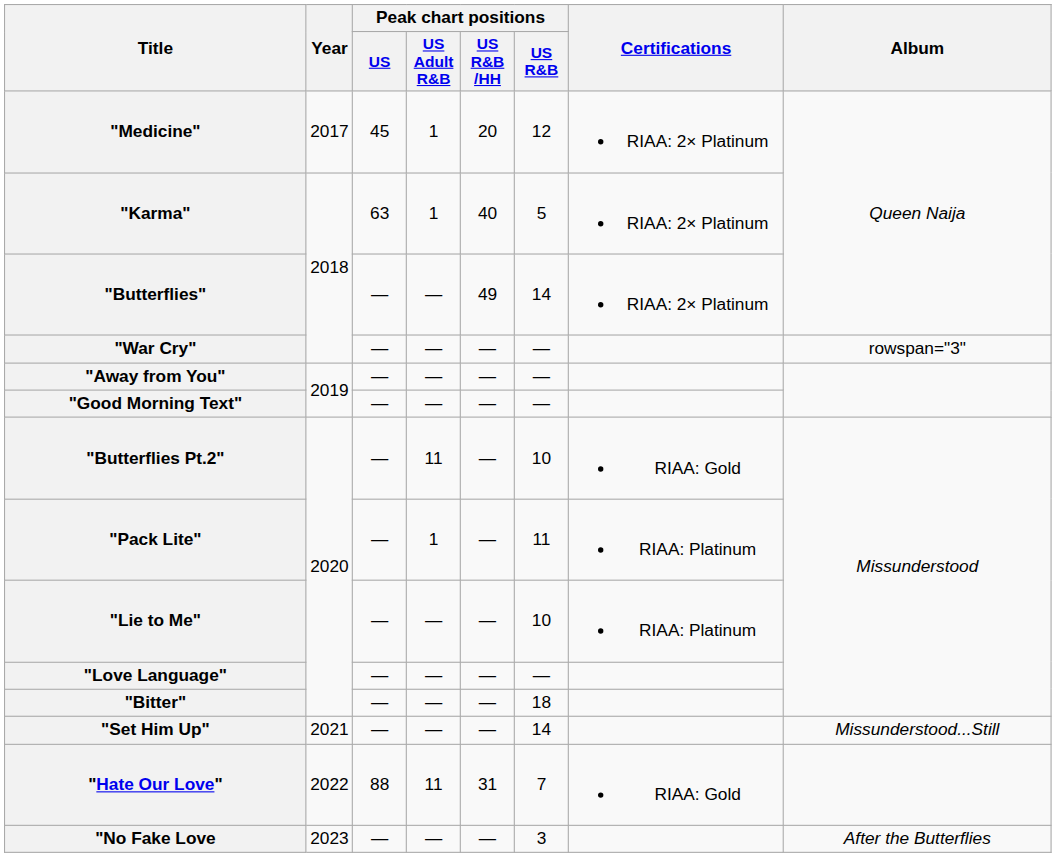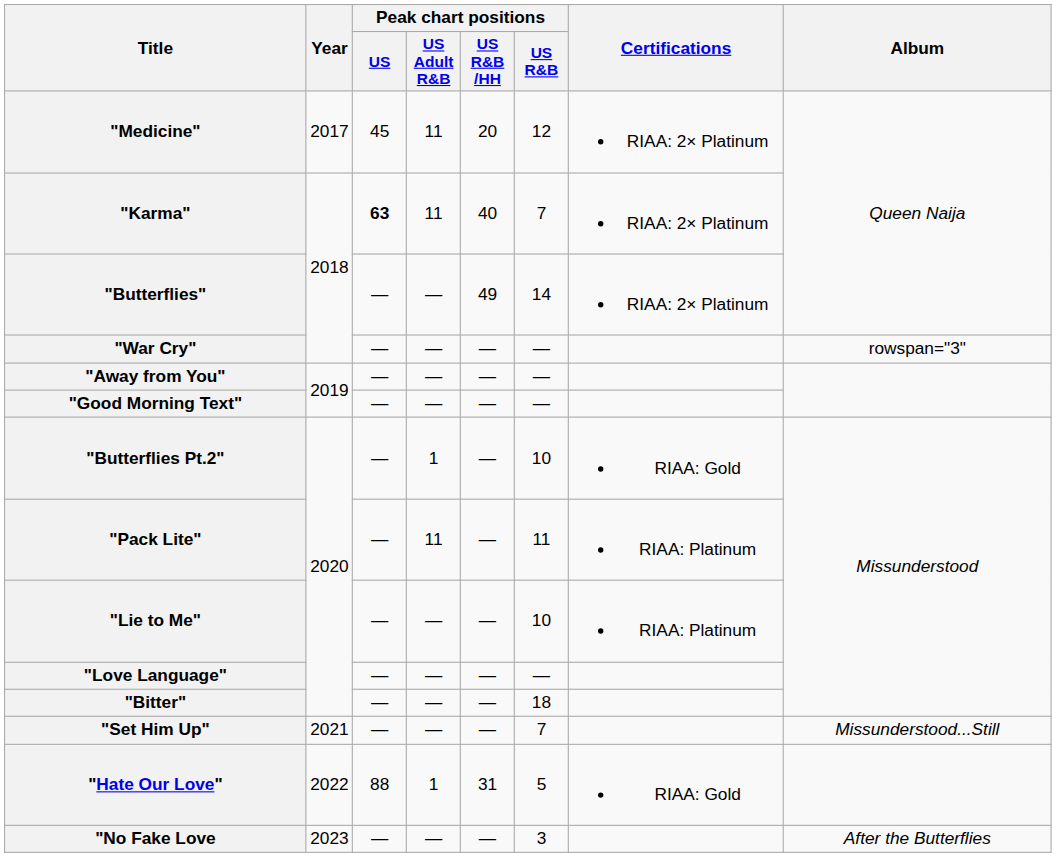 <table class="wikitable plainrowheaders" style="text-align:center;">
 <tr>
 <th scope="col" rowspan="2" style="width:17em;">Title</th>
 <th scope="col" rowspan="2" style="width:1em;">Year</th>
 <th scope="col" colspan="4">Peak chart positions</th>
 <th scope="col" rowspan="2" style="width:12em;"><a href='#'>Certifications</a></th>
 <th scope="col" rowspan="2" style="width:15em;">Album</th>
 </tr>
 <tr>
 <th scope="col" style="width:3em;font-size:90%;"><a href='#'>US</a><br></th>
 <th scope="col" style="width:3em;font-size:90%;"><a href='#'>US<br>Adult<br>R&B</a></th>
 <th scope="col" style="width:3em;font-size:90%;"><a href='#'>US<br>R&B<br> /HH</a><br></th>
 <th scope="col" style="width:3em;font-size:90%;"><a href='#'>US R&B</a></th>
 </tr>
 <tr>
 <th scope="row">"Medicine"</th>
 <td>2017</td>
 <td>45</td>
-<td>1</td>
+<td>11</td>
 <td>20</td>
 <td>12</td>
 <td><br><ul><li>RIAA: 2× Platinum</li></ul></td>
 <td rowspan="3"><em>Queen Naija</em></td>
 </tr>
 <tr>
 <th scope="row">"Karma"</th>
 <td rowspan="3">2018</td>
-<td>63</td>
-<td>1</td>
+<td><strong>63</strong></td>
+<td>11</td>
 <td>40</td>
-<td>5</td>
+<td>7</td>
 <td><br><ul><li>RIAA: 2× Platinum</li></ul></td>
 </tr>
 <tr>
 <th scope="row">"Butterflies"</th>
 <td>—</td>
 <td>—</td>
 <td>49</td>
 <td>14</td>
 <td><br><ul><li>RIAA: 2× Platinum</li></ul></td>
 </tr>
 <tr>
 <th scope="row">"War Cry"</th>
 <td>—</td>
 <td>—</td>
 <td>—</td>
 <td>—</td>
 <td></td>
 <td>rowspan="3" </td>
 </tr>
 <tr>
 <th scope="row">"Away from You"</th>
 <td rowspan="2">2019</td>
 <td>—</td>
 <td>—</td>
 <td>—</td>
 <td>—</td>
 <td></td>
 </tr>
 <tr>
 <th scope="row">"Good Morning Text"</th>
 <td>—</td>
 <td>—</td>
 <td>—</td>
 <td>—</td>
 <td></td>
 </tr>
 <tr>
 <th scope="row">"Butterflies Pt.2"</th>
 <td rowspan="5">2020</td>
 <td>—</td>
-<td>11</td>
+<td>1</td>
 <td>—</td>
 <td>10</td>
 <td><br><ul><li>RIAA: Gold</li></ul></td>
 <td rowspan="5"><em>Missunderstood</em></td>
 </tr>
 <tr>
 <th scope="row">"Pack Lite"</th>
 <td>—</td>
-<td>1</td>
+<td>11</td>
 <td>—</td>
 <td>11</td>
 <td><br><ul><li>RIAA: Platinum</li></ul></td>
 </tr>
 <tr>
 <th scope="row">"Lie to Me"<br></th>
 <td>—</td>
 <td>—</td>
 <td>—</td>
 <td>10</td>
 <td><br><ul><li>RIAA: Platinum</li></ul></td>
 </tr>
 <tr>
 <th scope="row">"Love Language"</th>
 <td>—</td>
 <td>—</td>
 <td>—</td>
 <td>—</td>
 <td></td>
 </tr>
 <tr>
 <th scope="row">"Bitter"<br></th>
 <td>—</td>
 <td>—</td>
 <td>—</td>
 <td>18</td>
 <td></td>
 </tr>
 <tr>
 <th scope="row">"Set Him Up"<br></th>
 <td>2021</td>
 <td>—</td>
 <td>—</td>
 <td>—</td>
-<td>14</td>
+<td>7</td>
 <td></td>
 <td><em>Missunderstood...Still</em></td>
 </tr>
 <tr>
 <th scope="row">"<a href='#'>Hate Our Love</a>"<br></th>
 <td>2022</td>
 <td>88<br></td>
-<td>11</td>
+<td>1</td>
 <td>31</td>
-<td>7</td>
+<td>5</td>
 <td><br><ul><li>RIAA: Gold</li></ul></td>
 <td></td>
 </tr>
 <tr>
 <th scope="row">"No Fake Love<br></th>
 <td>2023</td>
 <td>—</td>
 <td>—</td>
 <td>—</td>
 <td>3</td>
 <td></td>
 <td><em>After the Butterflies</em></td>
 </tr>
 </table>
